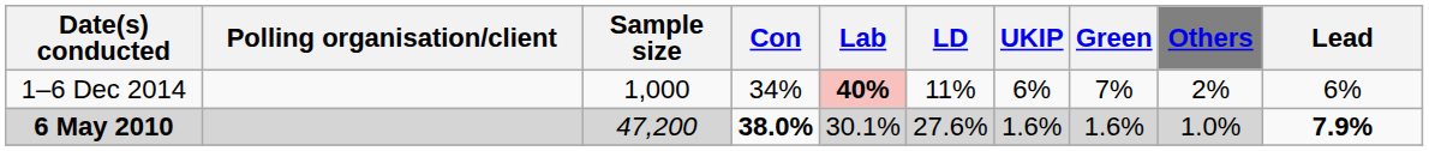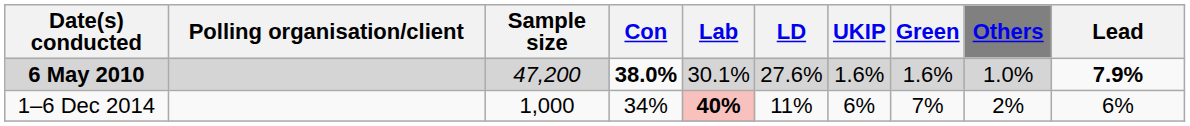 <table class="wikitable sortable" style="text-align:center;font-size:90%;line-height:14px">
 <tr>
 <th ! style="width:100px;">Date(s)<br>conducted</th>
 <th style="width:200px;">Polling organisation/client</th>
 <th class="unsortable" style="width:75px;">Sample size</th>
 <th class="unsortable" style="background:"><a href='#'><span>Con</span></a></th>
 <th class="unsortable" style="background:"><a href='#'><span>Lab</span></a></th>
 <th class="unsortable" style="background:"><a href='#'><span>LD</span></a></th>
 <th class="unsortable" style="background:"><a href='#'><span>UKIP</span></a></th>
 <th class="unsortable" style="background:"><a href='#'><span>Green</span></a></th>
 <th class="unsortable" style="background:gray; width:50px;"><a href='#'><span>Others</span></a></th>
 <th class="unsortable" style="width:80px;">Lead</th>
 </tr>
 <tr>
+<td style="background:#D5D5D5"><strong>6 May 2010</strong></td>
+<td style="background:#D5D5D5"></td>
+<td style="background:#D5D5D5"><em>47,200</em></td>
+<td style="background:"><strong>38.0%</strong></td>
+<td style="background:#D5D5D5">30.1%</td>
+<td style="background:#D5D5D5">27.6%</td>
+<td style="background:#D5D5D5">1.6%</td>
+<td style="background:#D5D5D5">1.6%</td>
+<td style="background:#D5D5D5">1.0%</td>
+<td style="background:"><strong>7.9% </strong></td>
+</tr>
+<tr>
 <td>1–6 Dec 2014</td>
 <td> </td>
 <td>1,000</td>
 <td>34%</td>
 <td style="background:#F8C1BE"><strong>40%</strong></td>
 <td>11%</td>
 <td>6%</td>
 <td>7%</td>
 <td>2%</td>
 <td style="background:">6%</td>
 </tr>
-<tr>
-<td style="background:#D5D5D5"><strong>6 May 2010</strong></td>
-<td style="background:#D5D5D5"></td>
-<td style="background:#D5D5D5"><em>47,200</em></td>
-<td style="background:"><strong>38.0%</strong></td>
-<td style="background:#D5D5D5">30.1%</td>
-<td style="background:#D5D5D5">27.6%</td>
-<td style="background:#D5D5D5">1.6%</td>
-<td style="background:#D5D5D5">1.6%</td>
-<td style="background:#D5D5D5">1.0%</td>
-<td style="background:"><strong>7.9% </strong></td>
-</tr>
 </table>
